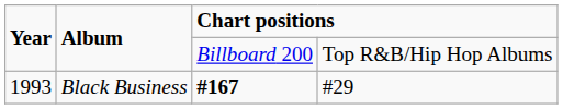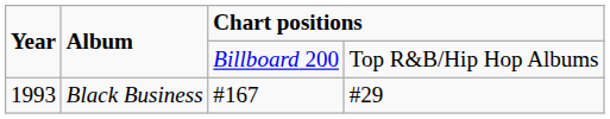 <table class="wikitable">
 <tr>
 <td rowspan="2"><strong>Year</strong></td>
 <td rowspan="2"><strong>Album</strong></td>
 <td colspan="3"><strong>Chart positions</strong></td>
 </tr>
 <tr>
 <td><a href='#'><em>Billboard</em> 200</a></td>
 <td>Top R&B/Hip Hop Albums</td>
 </tr>
 <tr>
 <td>1993</td>
 <td><em>Black Business</em></td>
-<td><strong>#167</strong></td>
+<td>#167</td>
 <td>#29</td>
 </tr>
 </table>
